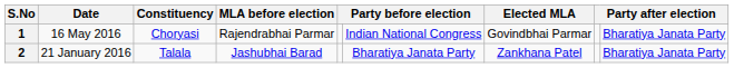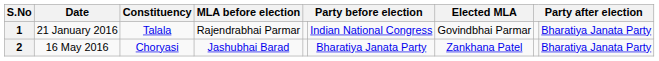 <table class="wikitable sortable" style="text-align:center;">
 <tr>
 <th>S.No</th>
 <th>Date</th>
 <th>Constituency</th>
 <th>MLA before election</th>
 <th colspan="2">Party before election</th>
 <th>Elected MLA</th>
 <th colspan="2">Party after election</th>
 </tr>
 <tr>
 <th>1</th>
-<td>16 May 2016</td>
-<td><a href='#'>Choryasi</a></td>
+<td>21 January 2016</td>
+<td><a href='#'>Talala</a></td>
 <td>Rajendrabhai Parmar</td>
 <td></td>
 <td><a href='#'>Indian National Congress</a></td>
 <td>Govindbhai Parmar</td>
 <td></td>
 <td><a href='#'>Bharatiya Janata Party</a></td>
 </tr>
 <tr>
 <th>2</th>
-<td>21 January 2016</td>
-<td><a href='#'>Talala</a></td>
+<td>16 May 2016</td>
+<td><a href='#'>Choryasi</a></td>
 <td><a href='#'>Jashubhai Barad</a></td>
 <td></td>
 <td><a href='#'>Bharatiya Janata Party</a></td>
 <td><a href='#'>Zankhana Patel</a></td>
 <td></td>
 <td><a href='#'>Bharatiya Janata Party</a></td>
 </tr>
 </table>
